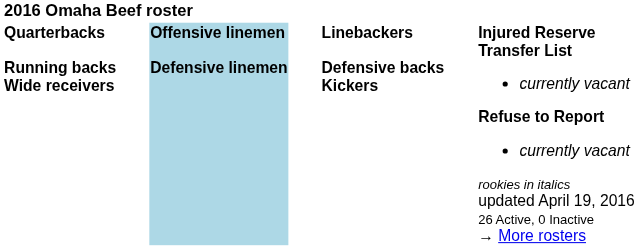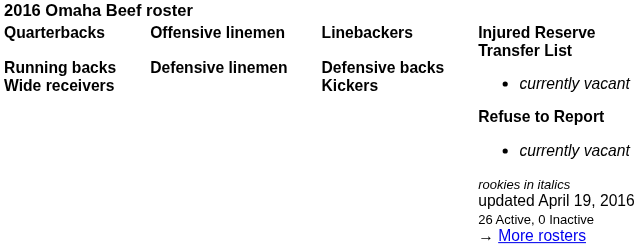 <table class="toccolours" style="text-align: left;">
 <tr>
 <th colspan=7><strong>2016 Omaha Beef roster</strong></th>
 </tr>
 <tr>
 <td style="font-size: 95%;vertical-align:top;"><strong>Quarterbacks</strong><br> <br><strong>Running backs</strong> <br><strong>Wide receivers</strong>     </td>
 <td style="width: 25px;"></td>
-<td style="background: lightblue; font-size: 95%;vertical-align:top;"><strong>Offensive linemen</strong><br>   <br><strong>Defensive linemen</strong>   </td>
+<td style="font-size: 95%;vertical-align:top;"><strong>Offensive linemen</strong><br>   <br><strong>Defensive linemen</strong>   </td>
 <td style="width: 25px;"></td>
 <td style="font-size: 95%;vertical-align:top;"><strong>Linebackers</strong><br><br><strong>Defensive backs</strong>      <br><strong>Kickers</strong> </td>
 <td style="width: 25px;"></td>
 <td style="font-size: 95%;vertical-align:top;"><strong>Injured Reserve</strong><br><strong>Transfer List</strong><ul><li><em>currently vacant</em></li></ul><strong>Refuse to Report</strong><ul><li><em>currently vacant</em></li></ul><small><em>rookies in italics</em></small><br>  updated April 19, 2016<br> <small>26 Active, 0 Inactive</small><br>→ <a href='#'>More rosters</a></td>
 </tr>
 <tr>
 </tr>
 </table>
